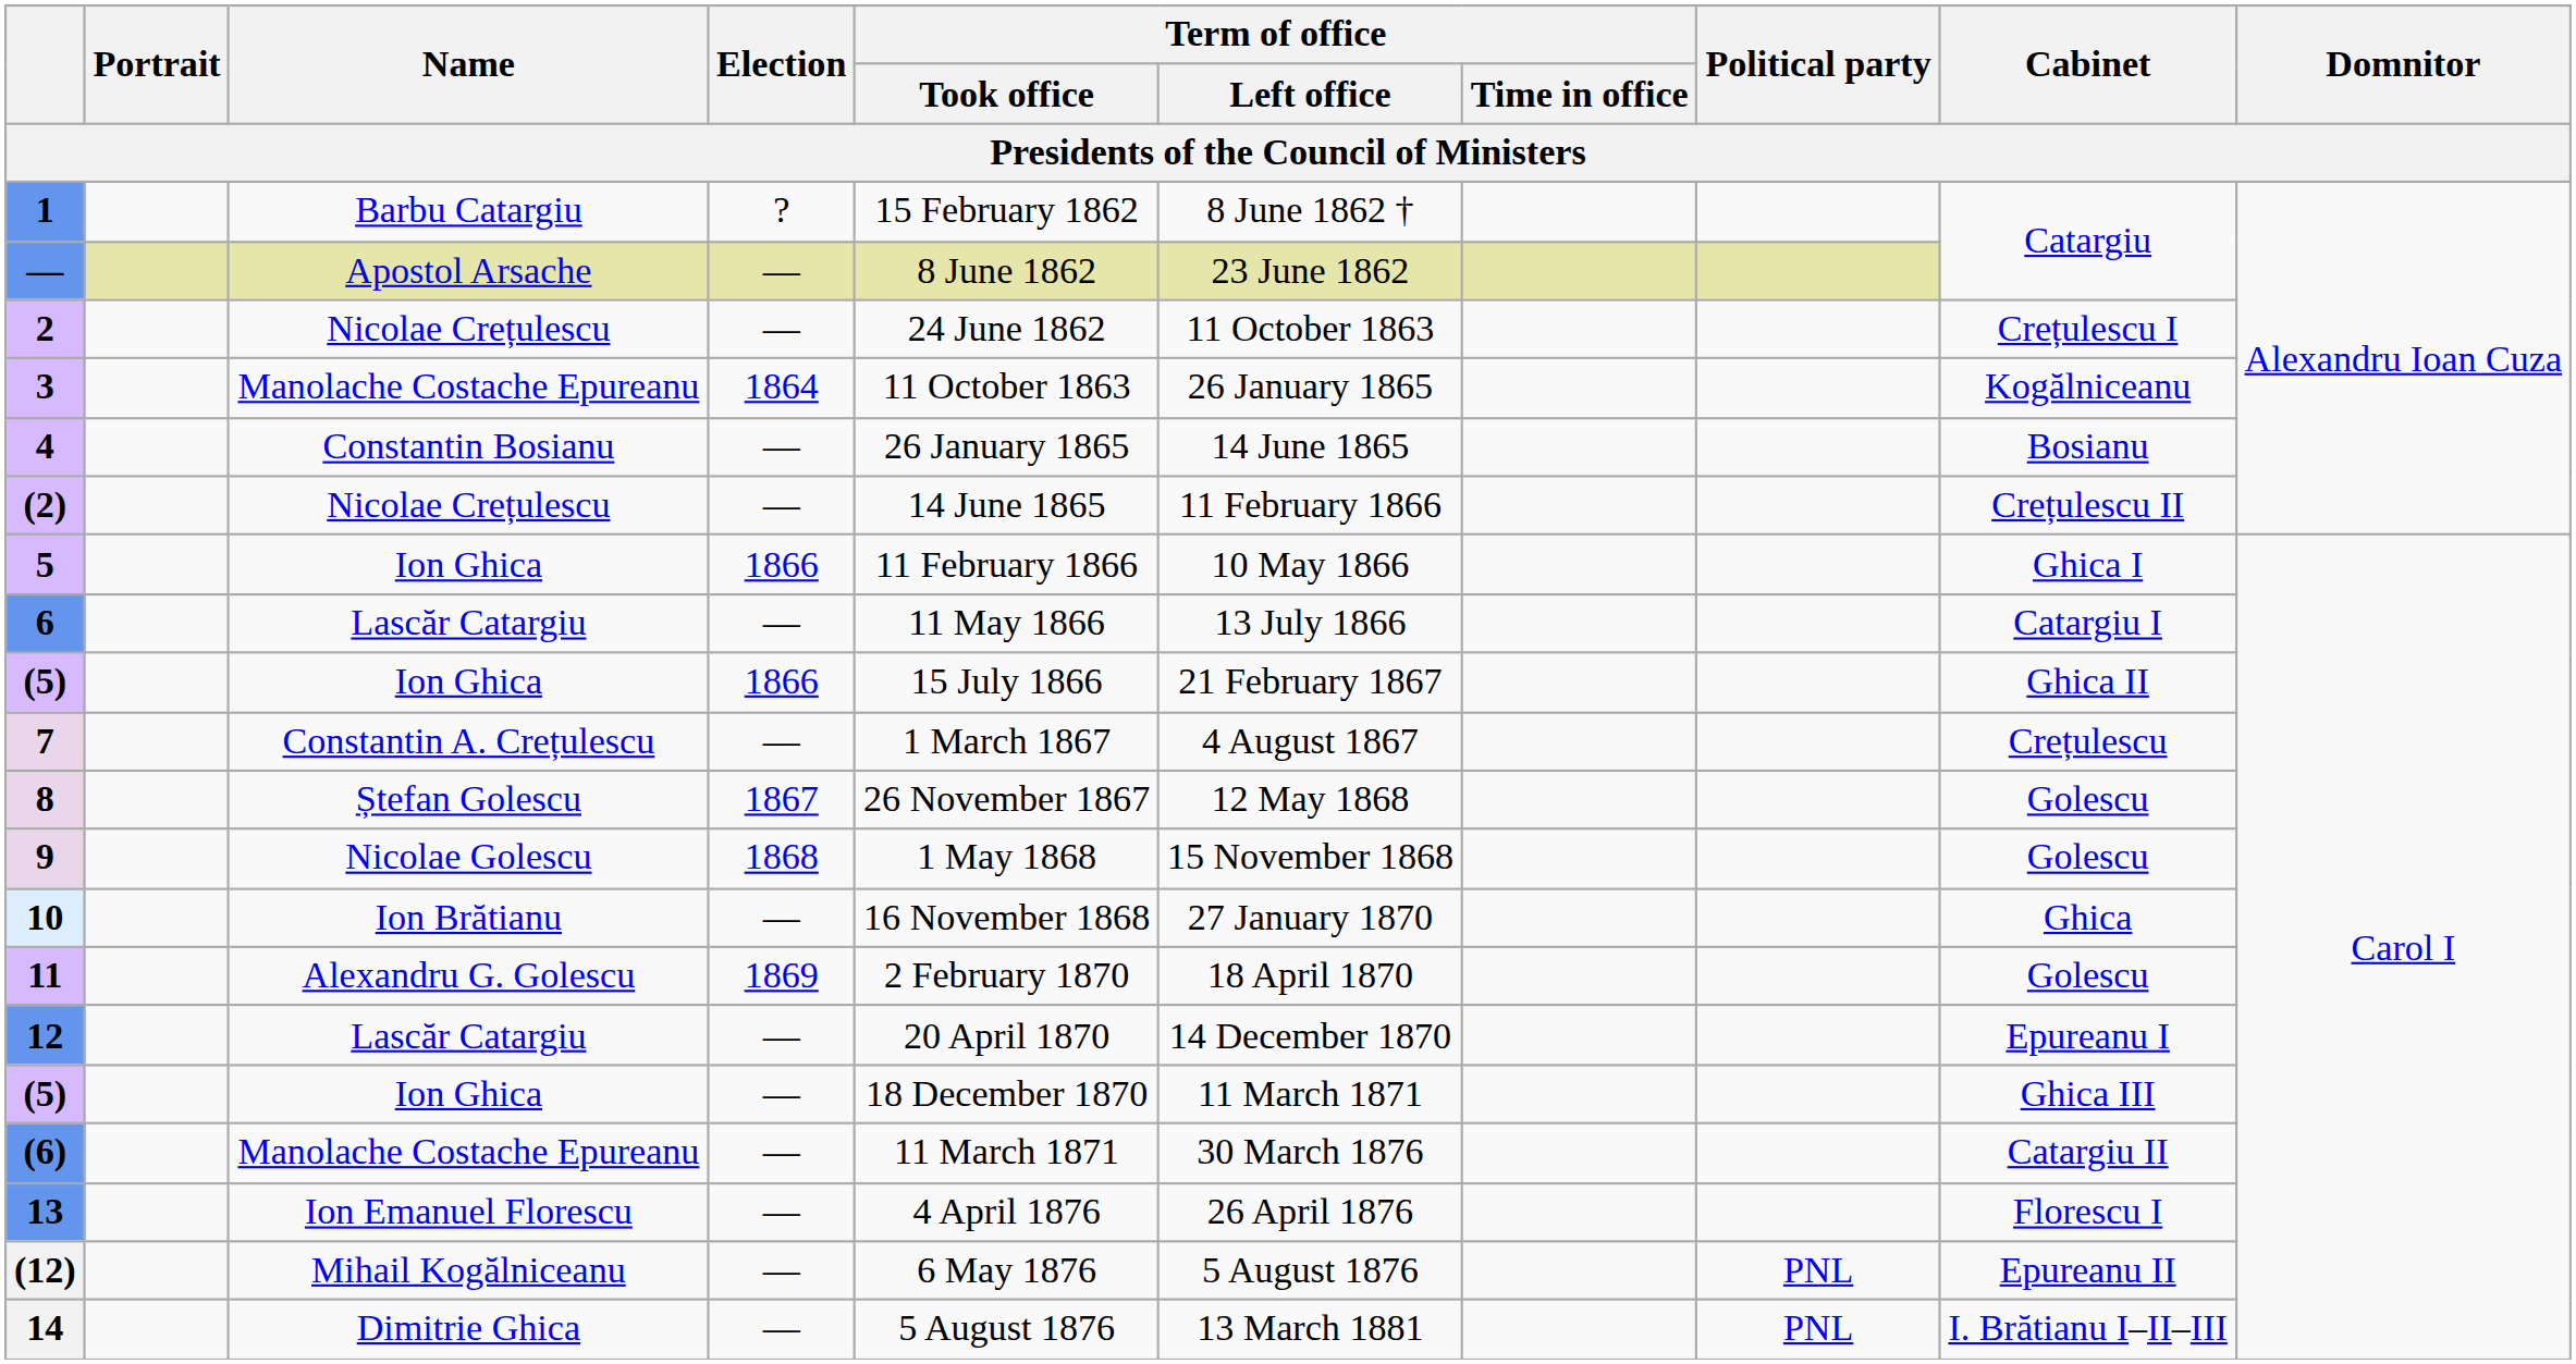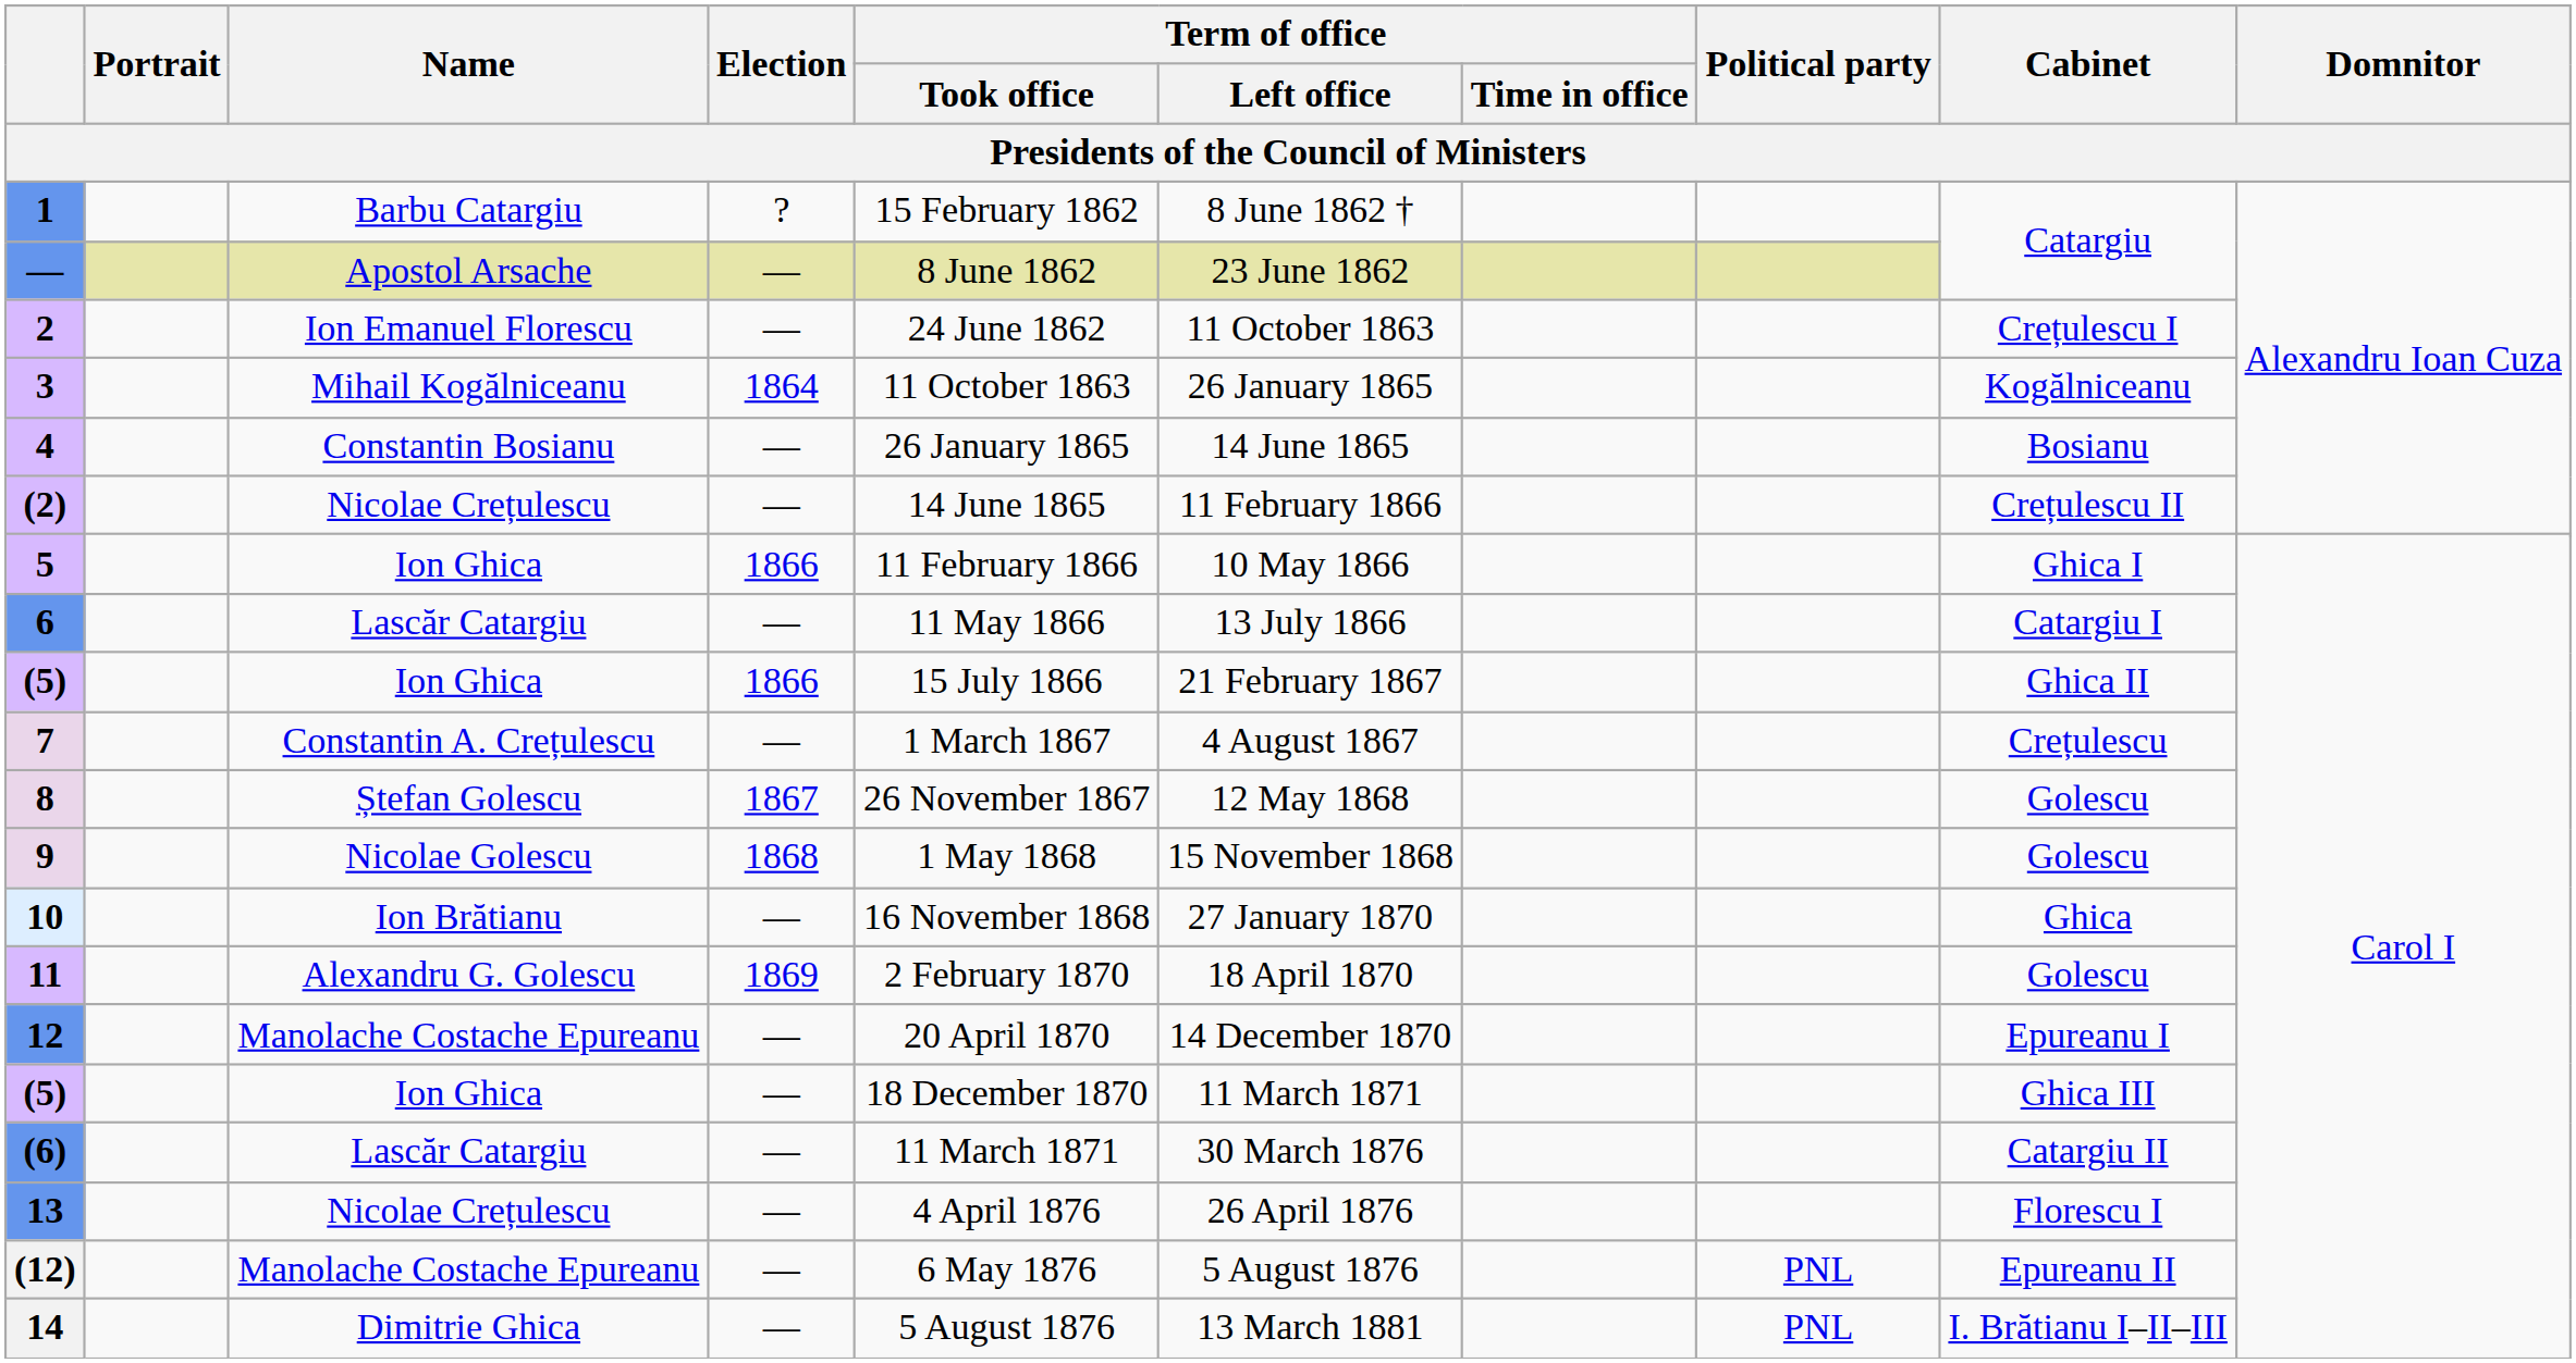 <table class="wikitable" style="text-align:center;">
 <tr>
 <th rowspan="2"></th>
 <th rowspan="2">Portrait</th>
 <th rowspan="2">Name<br></th>
 <th rowspan="2">Election</th>
 <th colspan="3">Term of office</th>
 <th rowspan="2">Political party</th>
 <th rowspan="2">Cabinet</th>
 <th rowspan="2">Domnitor</th>
 </tr>
 <tr>
 <th>Took office</th>
 <th>Left office</th>
 <th>Time in office</th>
 </tr>
 <tr>
 <th colspan=10>Presidents of the Council of Ministers<br></th>
 </tr>
 <tr>
 <th style="background:#6495ED; color:black;">1</th>
 <td></td>
 <td><a href='#'>Barbu Catargiu</a><br></td>
 <td>?</td>
 <td>15 February 1862</td>
 <td>8 June 1862 †</td>
 <td></td>
 <td></td>
 <td rowspan=2><a href='#'>Catargiu</a></td>
 <td rowspan=7><a href='#'>Alexandru Ioan Cuza</a></td>
 </tr>
 <tr style="background:#e6e6aa;">
 <th style="background:#6495ED; color:black;">—</th>
 <td></td>
 <td><a href='#'>Apostol Arsache</a><br></td>
 <td>—</td>
 <td>8 June 1862</td>
 <td>23 June 1862</td>
 <td></td>
 <td></td>
 </tr>
 <tr>
 <th style="background:#D7B9FF;">2</th>
 <td></td>
-<td><a href='#'>Nicolae Crețulescu</a><br></td>
+<td><a href='#'>Ion Emanuel Florescu</a><br></td>
 <td>—</td>
 <td>24 June 1862</td>
 <td>11 October 1863</td>
 <td></td>
 <td></td>
 <td><a href='#'>Crețulescu I</a></td>
 </tr>
 <tr>
 <th style="background:#D7B9FF;">3</th>
 <td></td>
-<td><a href='#'>Manolache Costache Epureanu</a><br></td>
+<td><a href='#'>Mihail Kogălniceanu</a><br></td>
 <td><a href='#'>1864</a></td>
 <td>11 October 1863</td>
 <td>26 January 1865</td>
 <td></td>
 <td></td>
 <td><a href='#'>Kogălniceanu</a></td>
 </tr>
 <tr>
 <th style="background:#D7B9FF;">4</th>
 <td></td>
 <td><a href='#'>Constantin Bosianu</a><br></td>
 <td>—</td>
 <td>26 January 1865</td>
 <td>14 June 1865</td>
 <td></td>
 <td></td>
 <td><a href='#'>Bosianu</a></td>
 </tr>
 <tr>
 <th style="background:#D7B9FF;">(2)</th>
 <td></td>
 <td><a href='#'>Nicolae Crețulescu</a><br></td>
 <td>—</td>
 <td>14 June 1865</td>
 <td>11 February 1866</td>
 <td></td>
 <td></td>
 <td><a href='#'>Crețulescu II</a></td>
 </tr>
 <tr>
 <th rowspan=2 style="background:#D7B9FF;">5</th>
 <td rowspan=2></td>
 <td rowspan=2><a href='#'>Ion Ghica</a><br></td>
 <td rowspan=2><a href='#'>1866</a></td>
 <td rowspan=2>11 February 1866</td>
 <td rowspan=2>10 May 1866</td>
 <td rowspan=2></td>
 <td rowspan=2></td>
 <td rowspan=2><a href='#'>Ghica I</a></td>
 </tr>
 <tr>
 <td rowspan=14><a href='#'>Carol I</a></td>
 </tr>
 <tr>
 <th style="background:#6495ED;">6</th>
 <td></td>
 <td><a href='#'>Lascăr Catargiu</a><br></td>
 <td>—</td>
 <td>11 May 1866</td>
 <td>13 July 1866</td>
 <td></td>
 <td></td>
 <td><a href='#'>Catargiu I</a></td>
 </tr>
 <tr>
 <th style="background:#D7B9FF;">(5)</th>
 <td></td>
 <td><a href='#'>Ion Ghica</a><br></td>
 <td><a href='#'>1866</a></td>
 <td>15 July 1866</td>
 <td>21 February 1867</td>
 <td></td>
 <td></td>
 <td><a href='#'>Ghica II</a></td>
 </tr>
 <tr>
 <th style="background:#EAD6EA;">7</th>
 <td></td>
 <td><a href='#'>Constantin A. Crețulescu</a><br></td>
 <td>—</td>
 <td>1 March 1867</td>
 <td>4 August 1867</td>
 <td></td>
 <td></td>
 <td><a href='#'>Crețulescu</a></td>
 </tr>
 <tr>
 <th style="background:#EAD6EA;">8</th>
 <td></td>
 <td><a href='#'>Ștefan Golescu</a><br></td>
 <td><a href='#'>1867</a></td>
 <td>26 November 1867</td>
 <td>12 May 1868</td>
 <td></td>
 <td></td>
 <td><a href='#'>Golescu</a></td>
 </tr>
 <tr>
 <th style="background:#EAD6EA;">9</th>
 <td></td>
 <td><a href='#'>Nicolae Golescu</a><br></td>
 <td><a href='#'>1868</a></td>
 <td>1 May 1868</td>
 <td>15 November 1868</td>
 <td></td>
 <td></td>
 <td><a href='#'>Golescu</a></td>
 </tr>
 <tr>
 <th style="background:#DDEEFF;">10</th>
 <td></td>
 <td><a href='#'>Ion Brătianu</a><br></td>
 <td>—</td>
 <td>16 November 1868</td>
 <td>27 January 1870</td>
 <td></td>
 <td></td>
 <td><a href='#'>Ghica</a></td>
 </tr>
 <tr>
 <th style="background:#D7B9FF;">11</th>
 <td></td>
 <td><a href='#'>Alexandru G. Golescu</a><br></td>
 <td><a href='#'>1869</a></td>
 <td>2 February 1870</td>
 <td>18 April 1870</td>
 <td></td>
 <td></td>
 <td><a href='#'>Golescu</a></td>
 </tr>
 <tr>
 <th style="background:#6495ED;">12</th>
 <td></td>
-<td><a href='#'>Lascăr Catargiu</a><br></td>
+<td><a href='#'>Manolache Costache Epureanu</a><br></td>
 <td>—</td>
 <td>20 April 1870</td>
 <td>14 December 1870</td>
 <td></td>
 <td></td>
 <td><a href='#'>Epureanu I</a></td>
 </tr>
 <tr>
 <th style="background:#D7B9FF;">(5)</th>
 <td></td>
 <td><a href='#'>Ion Ghica</a><br></td>
 <td>—</td>
 <td>18 December 1870</td>
 <td>11 March 1871</td>
 <td></td>
 <td></td>
 <td><a href='#'>Ghica III</a></td>
 </tr>
 <tr>
 <th style="background:#6495ED;">(6)</th>
 <td></td>
-<td><a href='#'>Manolache Costache Epureanu</a><br></td>
+<td><a href='#'>Lascăr Catargiu</a><br></td>
 <td>—</td>
 <td>11 March 1871</td>
 <td>30 March 1876</td>
 <td></td>
 <td></td>
 <td><a href='#'>Catargiu II</a></td>
 </tr>
 <tr>
 <th style="background:#6495ED;">13</th>
 <td></td>
-<td><a href='#'>Ion Emanuel Florescu</a><br></td>
+<td><a href='#'>Nicolae Crețulescu</a><br></td>
 <td>—</td>
 <td>4 April 1876</td>
 <td>26 April 1876</td>
 <td></td>
 <td></td>
 <td><a href='#'>Florescu I</a></td>
 </tr>
 <tr>
 <th style="background:">(12)</th>
 <td></td>
-<td><a href='#'>Mihail Kogălniceanu</a><br></td>
+<td><a href='#'>Manolache Costache Epureanu</a><br></td>
 <td>—</td>
 <td>6 May 1876</td>
 <td>5 August 1876</td>
 <td></td>
 <td><a href='#'>PNL</a></td>
 <td><a href='#'>Epureanu II</a></td>
 </tr>
 <tr>
 <th style="background:">14</th>
 <td></td>
 <td><a href='#'>Dimitrie Ghica</a><br></td>
 <td>—</td>
 <td>5 August 1876</td>
 <td>13 March 1881</td>
 <td></td>
 <td><a href='#'>PNL</a></td>
 <td><a href='#'>I. Brătianu I</a>–<a href='#'>II</a>–<a href='#'>III</a></td>
 </tr>
 </table>
